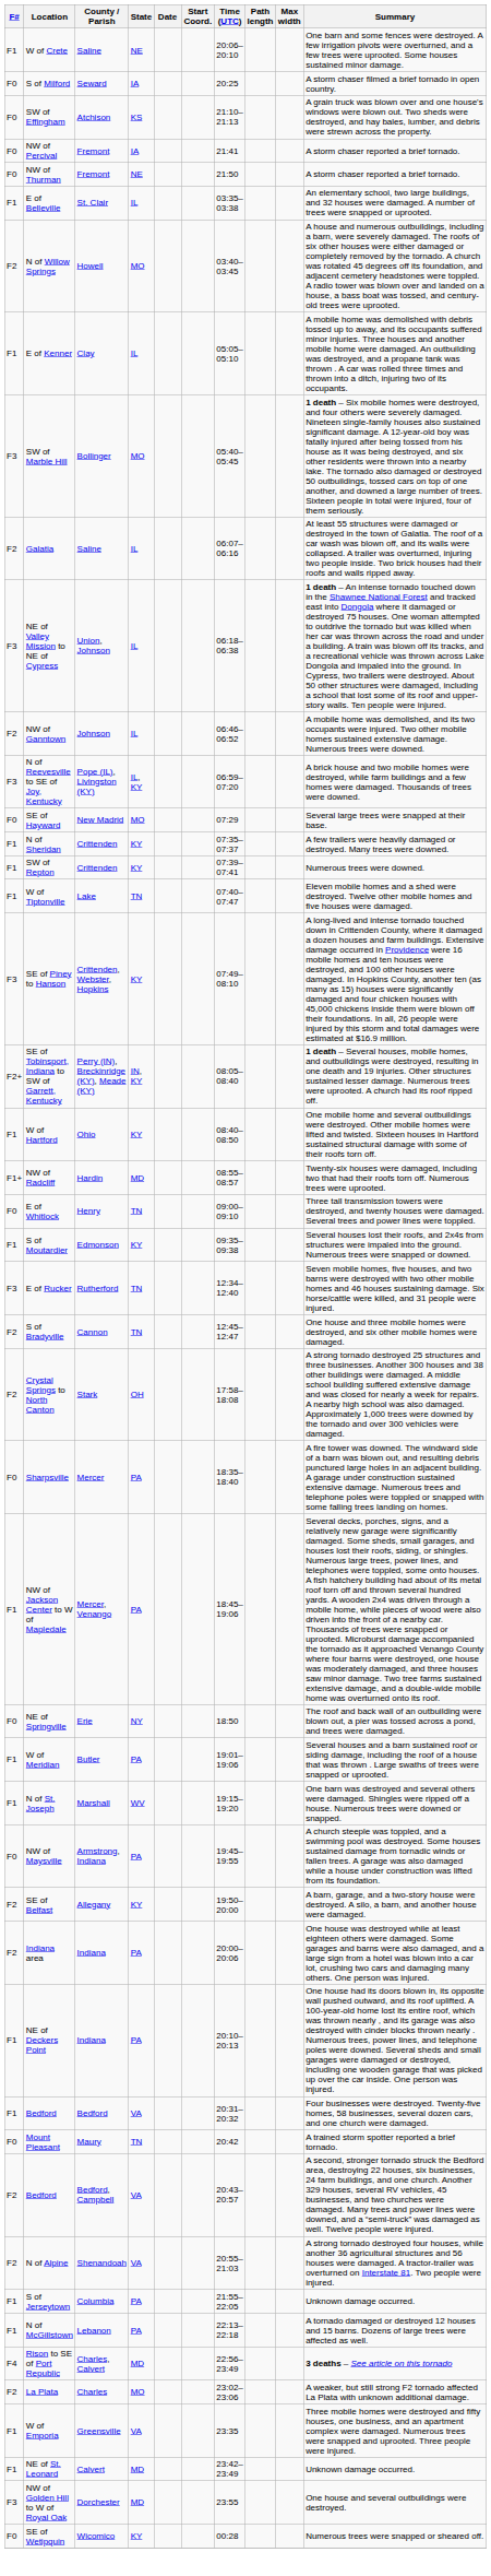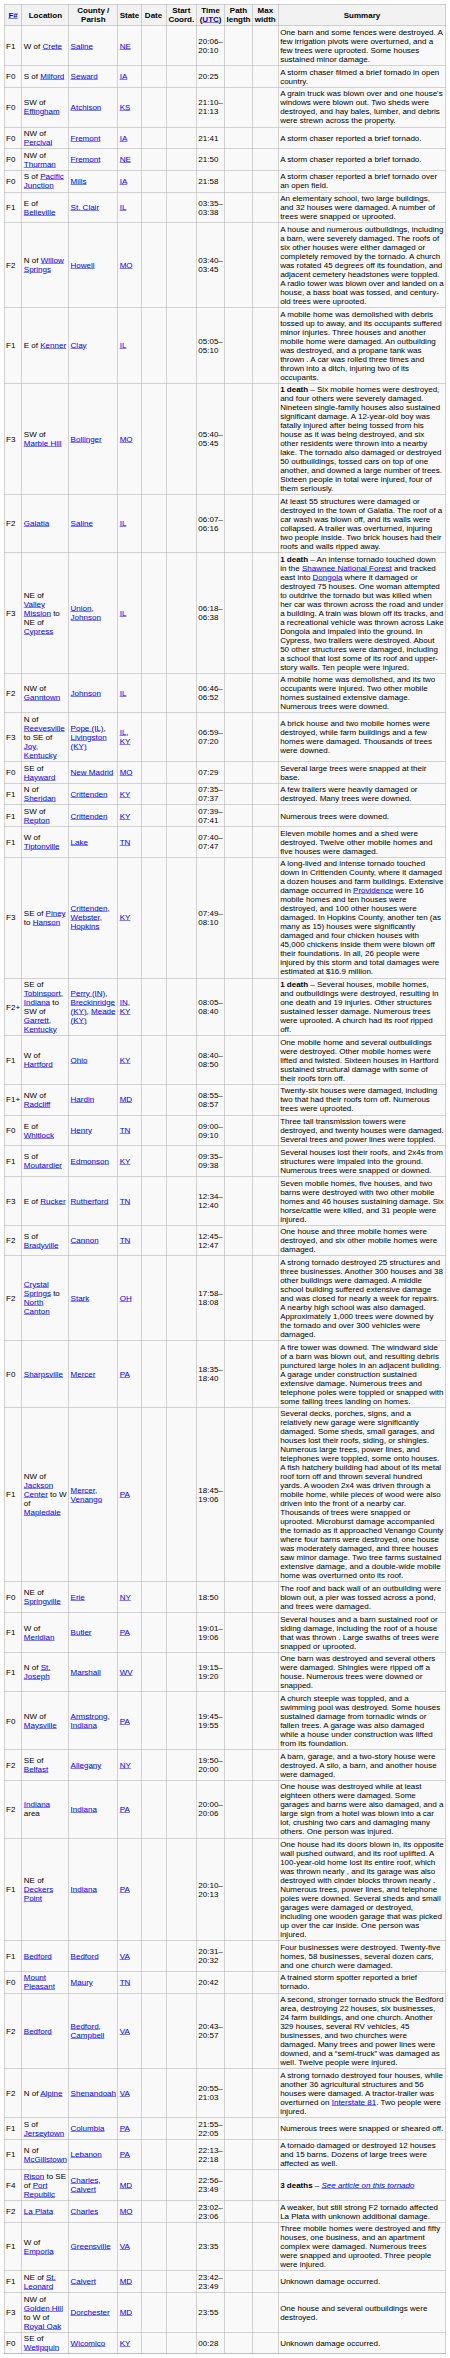 <table class="wikitable sortable" style="width:100%;">
 <tr>
 <th scope="col" width="3%" align="center"><a href='#'>F#</a></th>
 <th scope="col" width="7%" align="center" class="unsortable">Location</th>
 <th scope="col" width="6%" align="center" class="unsortable">County / Parish</th>
 <th scope="col" width="5%" align="center">State</th>
 <th scope="col" width="6%" align="center">Date</th>
 <th scope="col" width="7%" align="center">Start Coord.</th>
 <th scope="col" width="6%" align="center">Time (<a href='#'>UTC</a>)</th>
 <th scope="col" width="6%" align="center">Path length</th>
 <th scope="col" width="6%" align="center">Max width</th>
 <th scope="col" width="48%" class="unsortable" align="center">Summary</th>
 </tr>
 <tr>
 <td>F1</td>
 <td>W of <a href='#'>Crete</a></td>
 <td><a href='#'>Saline</a></td>
 <td><a href='#'>NE</a></td>
 <td></td>
 <td></td>
 <td>20:06–20:10</td>
 <td></td>
 <td></td>
 <td>One barn and some fences were destroyed. A few irrigation pivots were overturned, and a few trees were uprooted. Some houses sustained minor damage.</td>
 </tr>
 <tr>
 <td>F0</td>
 <td>S of <a href='#'>Milford</a></td>
 <td><a href='#'>Seward</a></td>
 <td><a href='#'>IA</a></td>
 <td></td>
 <td></td>
 <td>20:25</td>
 <td></td>
 <td></td>
 <td>A storm chaser filmed a brief tornado in open country.</td>
 </tr>
 <tr>
 <td>F0</td>
 <td>SW of <a href='#'>Effingham</a></td>
 <td><a href='#'>Atchison</a></td>
 <td><a href='#'>KS</a></td>
 <td></td>
 <td></td>
 <td>21:10–21:13</td>
 <td></td>
 <td></td>
 <td>A grain truck was blown over and one house's windows were blown out. Two sheds were destroyed, and hay bales, lumber, and debris were strewn across the property.</td>
 </tr>
 <tr>
 <td>F0</td>
 <td>NW of <a href='#'>Percival</a></td>
 <td><a href='#'>Fremont</a></td>
 <td><a href='#'>IA</a></td>
 <td></td>
 <td></td>
 <td>21:41</td>
 <td></td>
 <td></td>
 <td>A storm chaser reported a brief tornado.</td>
 </tr>
 <tr>
 <td>F0</td>
 <td>NW of <a href='#'>Thurman</a></td>
 <td><a href='#'>Fremont</a></td>
 <td><a href='#'>NE</a></td>
 <td></td>
 <td></td>
 <td>21:50</td>
 <td></td>
 <td></td>
 <td>A storm chaser reported a brief tornado.</td>
+</tr>
+<tr>
+<td>F0</td>
+<td>S of <a href='#'>Pacific Junction</a></td>
+<td><a href='#'>Mills</a></td>
+<td><a href='#'>IA</a></td>
+<td></td>
+<td></td>
+<td>21:58</td>
+<td></td>
+<td></td>
+<td>A storm chaser reported a brief tornado over an open field.</td>
 </tr>
 <tr>
 <td>F1</td>
 <td>E of <a href='#'>Belleville</a></td>
 <td><a href='#'>St. Clair</a></td>
 <td><a href='#'>IL</a></td>
 <td></td>
 <td></td>
 <td>03:35–03:38</td>
 <td></td>
 <td></td>
 <td>An elementary school, two large buildings, and 32 houses were damaged. A number of trees were snapped or uprooted.</td>
 </tr>
 <tr>
 <td>F2</td>
 <td>N of <a href='#'>Willow Springs</a></td>
 <td><a href='#'>Howell</a></td>
 <td><a href='#'>MO</a></td>
 <td></td>
 <td></td>
 <td>03:40–03:45</td>
 <td></td>
 <td></td>
 <td>A house and numerous outbuildings, including a barn, were severely damaged. The roofs of six other houses were either damaged or completely removed by the tornado. A church was rotated 45 degrees off its foundation, and adjacent cemetery headstones were toppled. A  radio tower was blown over and landed on a house, a bass boat was tossed, and century-old trees were uprooted.</td>
 </tr>
 <tr>
 <td>F1</td>
 <td>E of <a href='#'>Kenner</a></td>
 <td><a href='#'>Clay</a></td>
 <td><a href='#'>IL</a></td>
 <td></td>
 <td></td>
 <td>05:05–05:10</td>
 <td></td>
 <td></td>
 <td>A mobile home was demolished with debris tossed up to  away, and its occupants suffered minor injuries. Three houses and another mobile home were damaged. An outbuilding was destroyed, and a propane tank was thrown . A car was rolled three times and thrown into a ditch, injuring two of its occupants.</td>
 </tr>
 <tr>
 <td>F3</td>
 <td>SW of <a href='#'>Marble Hill</a></td>
 <td><a href='#'>Bollinger</a></td>
 <td><a href='#'>MO</a></td>
 <td></td>
 <td></td>
 <td>05:40–05:45</td>
 <td></td>
 <td></td>
 <td><strong>1 death</strong> – Six mobile homes were destroyed, and four others were severely damaged. Nineteen single-family houses also sustained significant damage. A 12-year-old boy was fatally injured after being tossed  from his house as it was being destroyed, and six other residents were thrown into a nearby lake. The tornado also damaged or destroyed 50 outbuildings, tossed cars on top of one another, and downed a large number of trees. Sixteen people in total were injured, four of them seriously.</td>
 </tr>
 <tr>
 <td>F2</td>
 <td><a href='#'>Galatia</a></td>
 <td><a href='#'>Saline</a></td>
 <td><a href='#'>IL</a></td>
 <td></td>
 <td></td>
 <td>06:07–06:16</td>
 <td></td>
 <td></td>
 <td>At least 55 structures were damaged or destroyed in the town of Galatia. The roof of a car wash was blown off, and its walls were collapsed. A trailer was overturned, injuring two people inside. Two brick houses had their roofs and walls ripped away.</td>
 </tr>
 <tr>
 <td>F3</td>
 <td>NE of <a href='#'>Valley Mission</a> to NE of <a href='#'>Cypress</a></td>
 <td><a href='#'>Union</a>, <a href='#'>Johnson</a></td>
 <td><a href='#'>IL</a></td>
 <td></td>
 <td></td>
 <td>06:18–06:38</td>
 <td></td>
 <td></td>
 <td><strong>1 death</strong> – An intense tornado touched down in the <a href='#'>Shawnee National Forest</a> and tracked east into <a href='#'>Dongola</a> where it damaged or destroyed 75 houses. One woman attempted to outdrive the tornado but was killed when her car was thrown across the road and under a building. A train was blown off its tracks, and a recreational vehicle was thrown across Lake Dongola and impaled into the ground. In Cypress, two trailers were destroyed. About 50 other structures were damaged, including a school that lost some of its roof and upper-story walls. Ten people were injured.</td>
 </tr>
 <tr>
 <td>F2</td>
 <td>NW of <a href='#'>Ganntown</a></td>
 <td><a href='#'>Johnson</a></td>
 <td><a href='#'>IL</a></td>
 <td></td>
 <td></td>
 <td>06:46–06:52</td>
 <td></td>
 <td></td>
 <td>A mobile home was demolished, and its two occupants were injured. Two other mobile homes sustained extensive damage. Numerous trees were downed.</td>
 </tr>
 <tr>
 <td>F3</td>
 <td>N of <a href='#'>Reevesville</a> to SE of <a href='#'>Joy, Kentucky</a></td>
 <td><a href='#'>Pope (IL)</a>, <a href='#'>Livingston (KY)</a></td>
 <td><a href='#'>IL</a>, <a href='#'>KY</a></td>
 <td></td>
 <td></td>
 <td>06:59–07:20</td>
 <td></td>
 <td></td>
 <td>A brick house and two mobile homes were destroyed, while farm buildings and a few homes were damaged. Thousands of trees were downed.</td>
 </tr>
 <tr>
 <td>F0</td>
 <td>SE of <a href='#'>Hayward</a></td>
 <td><a href='#'>New Madrid</a></td>
 <td><a href='#'>MO</a></td>
 <td></td>
 <td></td>
 <td>07:29</td>
 <td></td>
 <td></td>
 <td>Several large trees were snapped at their base.</td>
 </tr>
 <tr>
 <td>F1</td>
 <td>N of <a href='#'>Sheridan</a></td>
 <td><a href='#'>Crittenden</a></td>
 <td><a href='#'>KY</a></td>
 <td></td>
 <td></td>
 <td>07:35–07:37</td>
 <td></td>
 <td></td>
 <td>A few trailers were heavily damaged or destroyed. Many trees were downed.</td>
 </tr>
 <tr>
 <td>F1</td>
 <td>SW of <a href='#'>Repton</a></td>
 <td><a href='#'>Crittenden</a></td>
 <td><a href='#'>KY</a></td>
 <td></td>
 <td></td>
 <td>07:39–07:41</td>
 <td></td>
 <td></td>
 <td>Numerous trees were downed.</td>
 </tr>
 <tr>
 <td>F1</td>
 <td>W of <a href='#'>Tiptonville</a></td>
 <td><a href='#'>Lake</a></td>
 <td><a href='#'>TN</a></td>
 <td></td>
 <td></td>
 <td>07:40–07:47</td>
 <td></td>
 <td></td>
 <td>Eleven mobile homes and a shed were destroyed. Twelve other mobile homes and five houses were damaged.</td>
 </tr>
 <tr>
 <td>F3</td>
 <td>SE of <a href='#'>Piney</a> to <a href='#'>Hanson</a></td>
 <td><a href='#'>Crittenden</a>, <a href='#'>Webster</a>, <a href='#'>Hopkins</a></td>
 <td><a href='#'>KY</a></td>
 <td></td>
 <td></td>
 <td>07:49–08:10</td>
 <td></td>
 <td></td>
 <td>A long-lived and intense tornado touched down in Crittenden County, where it damaged a dozen houses and farm buildings. Extensive damage occurred in <a href='#'>Providence</a> were 16 mobile homes and ten houses were destroyed, and 100 other houses were damaged. In Hopkins County, another ten (as many as 15) houses were significantly damaged and four chicken houses with 45,000 chickens inside them were blown off their foundations. In all, 26 people were injured by this storm and total damages were estimated at $16.9 million.</td>
 </tr>
 <tr>
 <td>F2+</td>
 <td>SE of <a href='#'>Tobinsport, Indiana</a> to SW of <a href='#'>Garrett, Kentucky</a></td>
 <td><a href='#'>Perry (IN)</a>, <a href='#'>Breckinridge (KY)</a>, <a href='#'>Meade (KY)</a></td>
 <td><a href='#'>IN</a>, <a href='#'>KY</a></td>
 <td></td>
 <td></td>
 <td>08:05–08:40</td>
 <td></td>
 <td></td>
 <td><strong>1 death</strong> – Several houses, mobile homes, and outbuildings were destroyed, resulting in one death and 19 injuries. Other structures sustained lesser damage. Numerous trees were uprooted. A church had its roof ripped off.</td>
 </tr>
 <tr>
 <td>F1</td>
 <td>W of <a href='#'>Hartford</a></td>
 <td><a href='#'>Ohio</a></td>
 <td><a href='#'>KY</a></td>
 <td></td>
 <td></td>
 <td>08:40–08:50</td>
 <td></td>
 <td></td>
 <td>One mobile home and several outbuildings were destroyed. Other mobile homes were lifted and twisted. Sixteen houses in Hartford sustained structural damage with some of their roofs torn off.</td>
 </tr>
 <tr>
 <td>F1+</td>
 <td>NW of <a href='#'>Radcliff</a></td>
 <td><a href='#'>Hardin</a></td>
 <td><a href='#'>MD</a></td>
 <td></td>
 <td></td>
 <td>08:55–08:57</td>
 <td></td>
 <td></td>
 <td>Twenty-six houses were damaged, including two that had their roofs torn off. Numerous trees were uprooted.</td>
 </tr>
 <tr>
 <td>F0</td>
 <td>E of <a href='#'>Whitlock</a></td>
 <td><a href='#'>Henry</a></td>
 <td><a href='#'>TN</a></td>
 <td></td>
 <td></td>
 <td>09:00–09:10</td>
 <td></td>
 <td></td>
 <td>Three tall transmission towers were destroyed, and twenty houses were damaged. Several trees and power lines were toppled.</td>
 </tr>
 <tr>
 <td>F1</td>
 <td>S of <a href='#'>Moutardier</a></td>
 <td><a href='#'>Edmonson</a></td>
 <td><a href='#'>KY</a></td>
 <td></td>
 <td></td>
 <td>09:35–09:38</td>
 <td></td>
 <td></td>
 <td>Several houses lost their roofs, and 2x4s from structures were impaled into the ground. Numerous trees were snapped or downed.</td>
 </tr>
 <tr>
 <td>F3</td>
 <td>E of <a href='#'>Rucker</a></td>
 <td><a href='#'>Rutherford</a></td>
 <td><a href='#'>TN</a></td>
 <td></td>
 <td></td>
 <td>12:34–12:40</td>
 <td></td>
 <td></td>
 <td>Seven mobile homes, five houses, and two barns were destroyed with two other mobile homes and 46 houses sustaining damage. Six horse/cattle were killed, and 31 people were injured.</td>
 </tr>
 <tr>
 <td>F2</td>
 <td>S of <a href='#'>Bradyville</a></td>
 <td><a href='#'>Cannon</a></td>
 <td><a href='#'>TN</a></td>
 <td></td>
 <td></td>
 <td>12:45–12:47</td>
 <td></td>
 <td></td>
 <td>One house and three mobile homes were destroyed, and six other mobile homes were damaged.</td>
 </tr>
 <tr>
 <td>F2</td>
 <td><a href='#'>Crystal Springs</a> to <a href='#'>North Canton</a></td>
 <td><a href='#'>Stark</a></td>
 <td><a href='#'>OH</a></td>
 <td></td>
 <td></td>
 <td>17:58–18:08</td>
 <td></td>
 <td></td>
 <td>A strong tornado destroyed 25 structures and three businesses. Another 300 houses and 38 other buildings were damaged. A middle school building suffered extensive damage and was closed for nearly a week for repairs. A nearby high school was also damaged. Approximately 1,000 trees were downed by the tornado and over 300 vehicles were damaged.</td>
 </tr>
 <tr>
 <td>F0</td>
 <td><a href='#'>Sharpsville</a></td>
 <td><a href='#'>Mercer</a></td>
 <td><a href='#'>PA</a></td>
 <td></td>
 <td></td>
 <td>18:35–18:40</td>
 <td></td>
 <td></td>
 <td>A fire tower was downed. The windward side of a barn was blown out, and resulting debris punctured large holes in an adjacent building. A garage under construction sustained extensive damage. Numerous trees and telephone poles were toppled or snapped with some falling trees landing on homes.</td>
 </tr>
 <tr>
 <td>F1</td>
 <td>NW of <a href='#'>Jackson Center</a> to W of <a href='#'>Mapledale</a></td>
 <td><a href='#'>Mercer</a>, <a href='#'>Venango</a></td>
 <td><a href='#'>PA</a></td>
 <td></td>
 <td></td>
 <td>18:45–19:06</td>
 <td></td>
 <td></td>
 <td>Several decks, porches, signs, and a relatively new garage were significantly damaged. Some sheds, small garages, and houses lost their roofs, siding, or shingles. Numerous large trees, power lines, and telephones were toppled, some onto houses. A fish hatchery building had about  of its metal roof torn off and thrown several hundred yards. A wooden 2x4 was driven through a mobile home, while pieces of wood were also driven into the front of a nearby car. Thousands of trees were snapped or uprooted. Microburst damage accompanied the tornado as it approached Venango County where four barns were destroyed, one house was moderately damaged, and three houses saw minor damage. Two tree farms sustained extensive damage, and a double-wide mobile home was overturned onto its roof.</td>
 </tr>
 <tr>
 <td>F0</td>
 <td>NE of <a href='#'>Springville</a></td>
 <td><a href='#'>Erie</a></td>
 <td><a href='#'>NY</a></td>
 <td></td>
 <td></td>
 <td>18:50</td>
 <td></td>
 <td></td>
 <td>The roof and back wall of an outbuilding were blown out, a pier was tossed across a pond, and trees were damaged.</td>
 </tr>
 <tr>
 <td>F1</td>
 <td>W of <a href='#'>Meridian</a></td>
 <td><a href='#'>Butler</a></td>
 <td><a href='#'>PA</a></td>
 <td></td>
 <td></td>
 <td>19:01–19:06</td>
 <td></td>
 <td></td>
 <td>Several houses and a barn sustained roof or siding damage, including the roof of a house that was thrown . Large swaths of trees were snapped or uprooted.</td>
 </tr>
 <tr>
 <td>F1</td>
 <td>N of <a href='#'>St. Joseph</a></td>
 <td><a href='#'>Marshall</a></td>
 <td><a href='#'>WV</a></td>
 <td></td>
 <td></td>
 <td>19:15–19:20</td>
 <td></td>
 <td></td>
 <td>One barn was destroyed and several others were damaged. Shingles were ripped off a house. Numerous trees were downed or snapped.</td>
 </tr>
 <tr>
 <td>F0</td>
 <td>NW of <a href='#'>Maysville</a></td>
 <td><a href='#'>Armstrong</a>, <a href='#'>Indiana</a></td>
 <td><a href='#'>PA</a></td>
 <td></td>
 <td></td>
 <td>19:45–19:55</td>
 <td></td>
 <td></td>
 <td>A church steeple was toppled, and a swimming pool was destroyed. Some houses sustained damage from tornadic winds or fallen trees. A garage was also damaged while a house under construction was lifted from its foundation.</td>
 </tr>
 <tr>
 <td>F2</td>
 <td>SE of <a href='#'>Belfast</a></td>
 <td><a href='#'>Allegany</a></td>
-<td><a href='#'>KY</a></td>
+<td><a href='#'>NY</a></td>
 <td></td>
 <td></td>
 <td>19:50–20:00</td>
 <td></td>
 <td></td>
 <td>A barn, garage, and a two-story house were destroyed. A silo, a barn, and another house were damaged.</td>
 </tr>
 <tr>
 <td>F2</td>
 <td><a href='#'>Indiana</a> area</td>
 <td><a href='#'>Indiana</a></td>
 <td><a href='#'>PA</a></td>
 <td></td>
 <td></td>
 <td>20:00–20:06</td>
 <td></td>
 <td></td>
 <td>One house was destroyed while at least eighteen others were damaged. Some garages and barns were also damaged, and a large sign from a hotel was blown into a car lot, crushing two cars and damaging many others. One person was injured.</td>
 </tr>
 <tr>
 <td>F1</td>
 <td>NE of <a href='#'>Deckers Point</a></td>
 <td><a href='#'>Indiana</a></td>
 <td><a href='#'>PA</a></td>
 <td></td>
 <td></td>
 <td>20:10–20:13</td>
 <td></td>
 <td></td>
 <td>One house had its doors blown in, its opposite wall pushed outward, and its roof uplifted. A 100-year-old home lost its entire roof, which was thrown nearly , and its garage was also destroyed with cinder blocks thrown nearly . Numerous trees, power lines, and telephone poles were downed. Several sheds and small garages were damaged or destroyed, including one wooden garage that was picked up over the car inside. One person was injured.</td>
 </tr>
 <tr>
 <td>F1</td>
 <td><a href='#'>Bedford</a></td>
 <td><a href='#'>Bedford</a></td>
 <td><a href='#'>VA</a></td>
 <td></td>
 <td></td>
 <td>20:31–20:32</td>
 <td></td>
 <td></td>
 <td>Four businesses were destroyed. Twenty-five homes, 58 businesses, several dozen cars, and one church were damaged.</td>
 </tr>
 <tr>
 <td>F0</td>
 <td><a href='#'>Mount Pleasant</a></td>
 <td><a href='#'>Maury</a></td>
 <td><a href='#'>TN</a></td>
 <td></td>
 <td></td>
 <td>20:42</td>
 <td></td>
 <td></td>
 <td>A trained storm spotter reported a brief tornado.</td>
 </tr>
 <tr>
 <td>F2</td>
 <td><a href='#'>Bedford</a></td>
 <td><a href='#'>Bedford</a>, <a href='#'>Campbell</a></td>
 <td><a href='#'>VA</a></td>
 <td></td>
 <td></td>
 <td>20:43–20:57</td>
 <td></td>
 <td></td>
 <td>A second, stronger tornado struck the Bedford area, destroying 22 houses, six businesses, 24 farm buildings, and one church. Another 329 houses, several RV vehicles, 45 businesses, and two churches were damaged. Many trees and power lines were downed, and a “semi-truck” was damaged as well. Twelve people were injured.</td>
 </tr>
 <tr>
 <td>F2</td>
 <td>N of <a href='#'>Alpine</a></td>
 <td><a href='#'>Shenandoah</a></td>
 <td><a href='#'>VA</a></td>
 <td></td>
 <td></td>
 <td>20:55–21:03</td>
 <td></td>
 <td></td>
 <td>A strong tornado destroyed four houses, while another 36 agricultural structures and 56 houses were damaged. A tractor-trailer was overturned on <a href='#'>Interstate 81</a>. Two people were injured.</td>
 </tr>
 <tr>
 <td>F1</td>
 <td>S of <a href='#'>Jerseytown</a></td>
 <td><a href='#'>Columbia</a></td>
 <td><a href='#'>PA</a></td>
 <td></td>
 <td></td>
 <td>21:55–22:05</td>
 <td></td>
 <td></td>
-<td>Unknown damage occurred.</td>
+<td>Numerous trees were snapped or sheared off.</td>
 </tr>
 <tr>
 <td>F1</td>
 <td>N of <a href='#'>McGillstown</a></td>
 <td><a href='#'>Lebanon</a></td>
 <td><a href='#'>PA</a></td>
 <td></td>
 <td></td>
 <td>22:13–22:18</td>
 <td></td>
 <td></td>
 <td>A tornado damaged or destroyed 12 houses and 15 barns. Dozens of large trees were affected as well.</td>
 </tr>
 <tr>
 <td>F4</td>
 <td><a href='#'>Rison</a> to SE of <a href='#'>Port Republic</a></td>
 <td><a href='#'>Charles</a>, <a href='#'>Calvert</a></td>
 <td><a href='#'>MD</a></td>
 <td></td>
 <td></td>
 <td>22:56–23:49</td>
 <td></td>
 <td></td>
 <td><strong>3 deaths</strong> – <em><a href='#'>See article on this tornado</a></em></td>
 </tr>
 <tr>
 <td>F2</td>
 <td><a href='#'>La Plata</a></td>
 <td><a href='#'>Charles</a></td>
 <td><a href='#'>MO</a></td>
 <td></td>
 <td></td>
 <td>23:02–23:06</td>
 <td></td>
 <td></td>
 <td>A weaker, but still strong F2 tornado affected La Plata with unknown additional damage.</td>
 </tr>
 <tr>
 <td>F1</td>
 <td>W of <a href='#'>Emporia</a></td>
 <td><a href='#'>Greensville</a></td>
 <td><a href='#'>VA</a></td>
 <td></td>
 <td></td>
 <td>23:35</td>
 <td></td>
 <td></td>
 <td>Three mobile homes were destroyed and fifty houses, one business, and an apartment complex were damaged. Numerous trees were snapped and uprooted. Three people were injured.</td>
 </tr>
 <tr>
 <td>F1</td>
 <td>NE of <a href='#'>St. Leonard</a></td>
 <td><a href='#'>Calvert</a></td>
 <td><a href='#'>MD</a></td>
 <td></td>
 <td></td>
 <td>23:42–23:49</td>
 <td></td>
 <td></td>
 <td>Unknown damage occurred.</td>
 </tr>
 <tr>
 <td>F3</td>
 <td>NW of <a href='#'>Golden Hill</a> to W of <a href='#'>Royal Oak</a></td>
 <td><a href='#'>Dorchester</a></td>
 <td><a href='#'>MD</a></td>
 <td></td>
 <td></td>
 <td>23:55</td>
 <td></td>
 <td></td>
 <td>One house and several outbuildings were destroyed.</td>
 </tr>
 <tr>
 <td>F0</td>
 <td>SE of <a href='#'>Wetipquin</a></td>
 <td><a href='#'>Wicomico</a></td>
 <td><a href='#'>KY</a></td>
 <td></td>
 <td></td>
 <td>00:28</td>
 <td></td>
 <td></td>
-<td>Numerous trees were snapped or sheared off.</td>
+<td>Unknown damage occurred.</td>
 </tr>
 <tr>
 </tr>
 </table>
